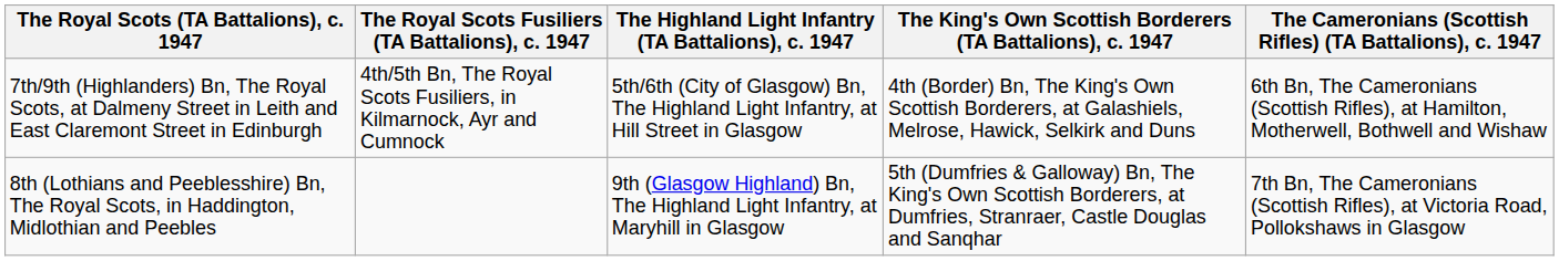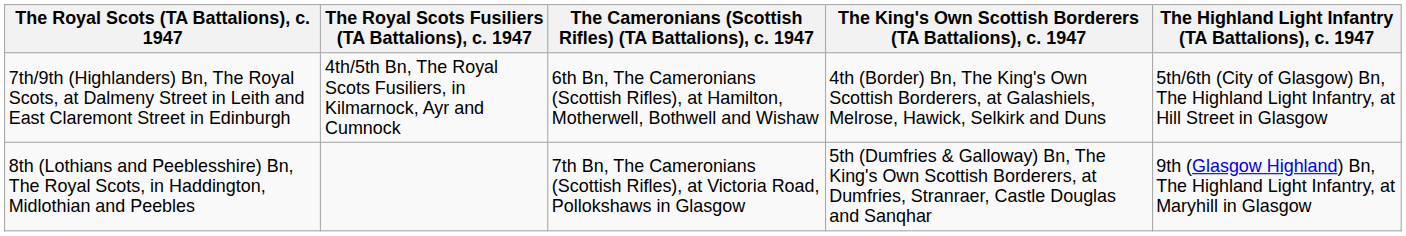 <table class="wikitable">
 <tr>
 <th>The Royal Scots (TA Battalions), c. 1947</th>
 <th>The Royal Scots Fusiliers (TA Battalions), c. 1947</th>
+<th>The Cameronians (Scottish Rifles) (TA Battalions), c. 1947</th>
+<th>The King's Own Scottish Borderers (TA Battalions), c. 1947</th>
 <th>The Highland Light Infantry (TA Battalions), c. 1947</th>
-<th>The King's Own Scottish Borderers (TA Battalions), c. 1947</th>
-<th>The Cameronians (Scottish Rifles) (TA Battalions), c. 1947</th>
 </tr>
 <tr>
 <td>7th/9th (Highlanders) Bn, The Royal Scots, at Dalmeny Street in Leith and East Claremont Street in Edinburgh</td>
 <td>4th/5th Bn, The Royal Scots Fusiliers, in Kilmarnock, Ayr and Cumnock</td>
+<td>6th Bn, The Cameronians (Scottish Rifles), at Hamilton, Motherwell, Bothwell and Wishaw</td>
+<td>4th (Border) Bn, The King's Own Scottish Borderers, at Galashiels, Melrose, Hawick, Selkirk and Duns</td>
 <td>5th/6th (City of Glasgow) Bn, The Highland Light Infantry, at Hill Street in Glasgow</td>
-<td>4th (Border) Bn, The King's Own Scottish Borderers, at Galashiels, Melrose, Hawick, Selkirk and Duns</td>
-<td>6th Bn, The Cameronians (Scottish Rifles), at Hamilton, Motherwell, Bothwell and Wishaw</td>
 </tr>
 <tr>
 <td>8th (Lothians and Peeblesshire) Bn, The Royal Scots, in Haddington, Midlothian and Peebles</td>
 <td></td>
+<td>7th Bn, The Cameronians (Scottish Rifles), at Victoria Road, Pollokshaws in Glasgow</td>
+<td>5th (Dumfries & Galloway) Bn, The King's Own Scottish Borderers, at Dumfries, Stranraer, Castle Douglas and Sanqhar</td>
 <td>9th (<a href='#'>Glasgow Highland</a>) Bn, The Highland Light Infantry, at Maryhill in Glasgow</td>
-<td>5th (Dumfries & Galloway) Bn, The King's Own Scottish Borderers, at Dumfries, Stranraer, Castle Douglas and Sanqhar</td>
-<td>7th Bn, The Cameronians (Scottish Rifles), at Victoria Road, Pollokshaws in Glasgow</td>
 </tr>
 </table>
